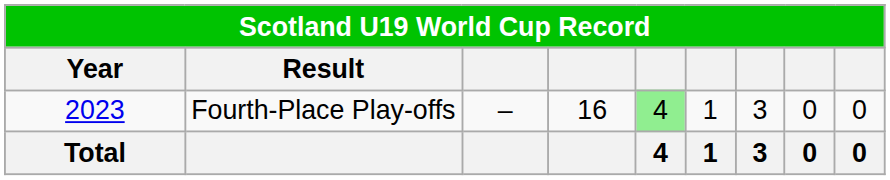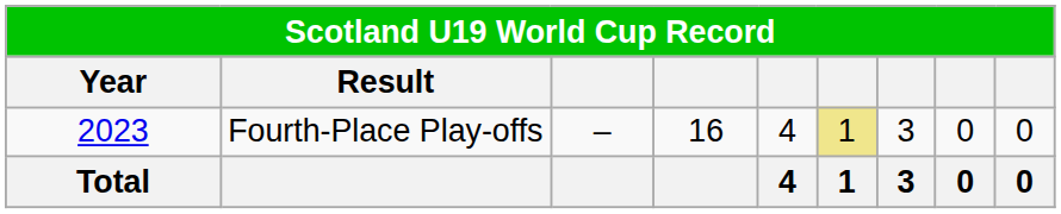 <table class="wikitable" style="font-size:90%; text-align:center">
 <tr>
 <th style="color:white; background:#00C301;" colspan=9>Scotland U19 World Cup Record</th>
 </tr>
 <tr>
 <th width="90">Year</th>
 <th>Result</th>
 <th width="40"></th>
 <th width="40"></th>
 <th width="20"></th>
 <th width="20"></th>
 <th width="20"></th>
 <th width="20"></th>
 <th width="20"></th>
 </tr>
 <tr>
 <td> <a href='#'>2023</a></td>
 <td>Fourth-Place Play-offs</td>
 <td>–</td>
 <td>16</td>
-<td style="background: lightgreen;">4</td>
-<td>1</td>
+<td>4</td>
+<td style="background: khaki;">1</td>
 <td>3</td>
 <td>0</td>
 <td>0</td>
 </tr>
 <tr>
 <th>Total</th>
 <th></th>
 <th></th>
 <th></th>
 <th>4</th>
 <th>1</th>
 <th>3</th>
 <th>0</th>
 <th>0</th>
 </tr>
 </table>
